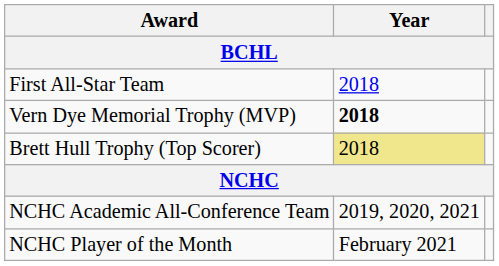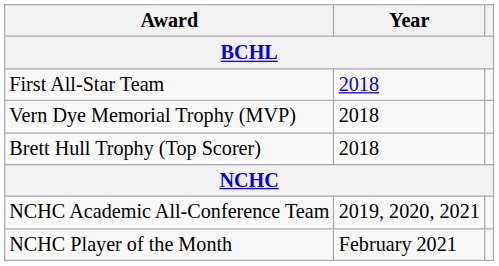 <table class="wikitable">
 <tr>
 <th>Award</th>
 <th>Year</th>
 <th></th>
 </tr>
 <tr ALIGN="center" bgcolor="#e0e0e0">
 <th colspan="3"><a href='#'>BCHL</a></th>
 </tr>
 <tr>
 <td>First All-Star Team</td>
 <td><a href='#'>2018</a></td>
 <td></td>
 </tr>
 <tr>
 <td>Vern Dye Memorial Trophy (MVP)</td>
-<td><strong>2018</strong></td>
+<td>2018</td>
 <td></td>
 </tr>
 <tr>
 <td>Brett Hull Trophy (Top Scorer)</td>
-<td style="background: khaki;">2018</td>
+<td>2018</td>
 <td></td>
 </tr>
 <tr ALIGN="center" bgcolor="#e0e0e0">
 <th colspan="3"><a href='#'>NCHC</a></th>
 </tr>
 <tr>
 <td>NCHC Academic All-Conference Team</td>
 <td>2019, 2020, 2021</td>
 <td></td>
 </tr>
 <tr>
 <td>NCHC Player of the Month</td>
 <td>February 2021</td>
 <td></td>
 </tr>
 </table>
